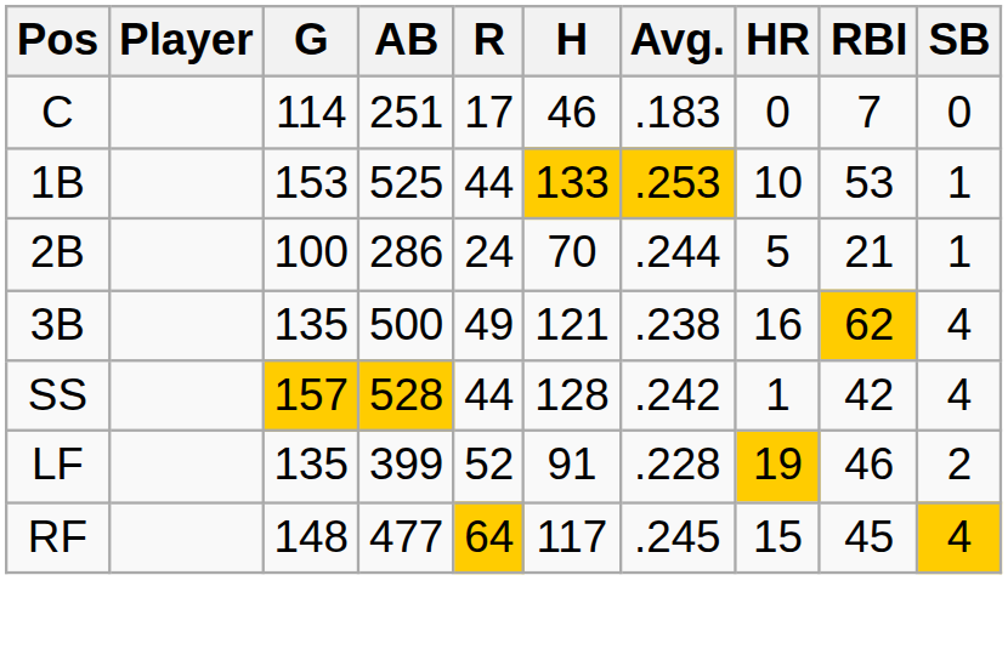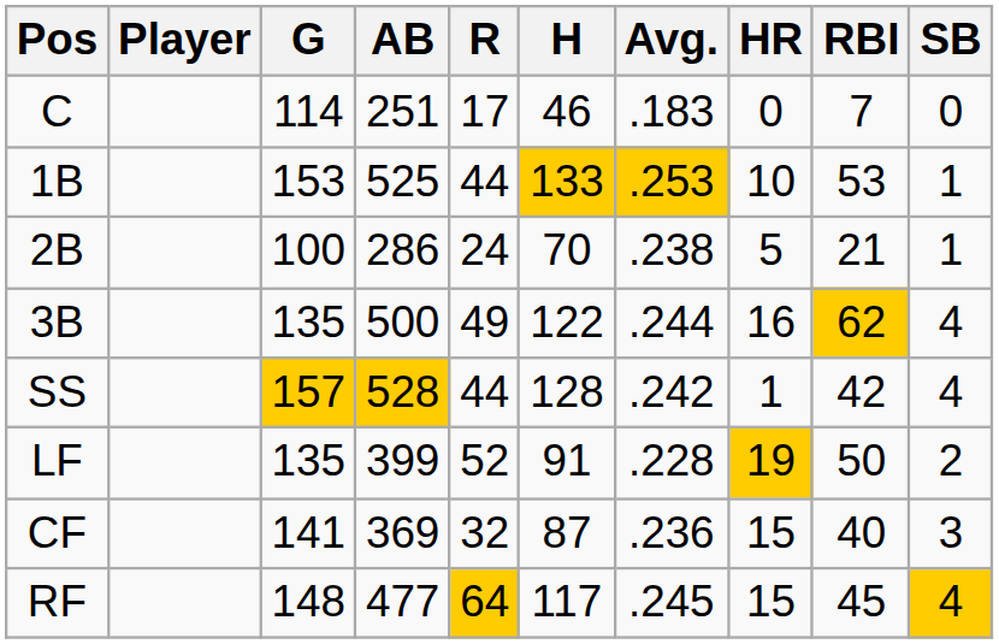 <table class="wikitable sortable">
 <tr>
 <th>Pos</th>
 <th>Player</th>
 <th>G</th>
 <th>AB</th>
 <th>R</th>
 <th>H</th>
 <th>Avg.</th>
 <th>HR</th>
 <th>RBI</th>
 <th>SB</th>
 </tr>
 <tr align="center">
 <td>C</td>
 <td></td>
 <td>114</td>
 <td>251</td>
 <td>17</td>
 <td>46</td>
 <td>.183</td>
 <td>0</td>
 <td>7</td>
 <td>0</td>
 </tr>
 <tr align="center">
 <td>1B</td>
 <td></td>
 <td>153</td>
 <td>525</td>
 <td>44</td>
 <td bgcolor="#FFCC00">133</td>
 <td bgcolor="#FFCC00">.253</td>
 <td>10</td>
 <td>53</td>
 <td>1</td>
 </tr>
 <tr align="center">
 <td>2B</td>
 <td></td>
 <td>100</td>
 <td>286</td>
 <td>24</td>
 <td>70</td>
-<td>.244</td>
+<td>.238</td>
 <td>5</td>
 <td>21</td>
 <td>1</td>
 </tr>
 <tr align="center">
 <td>3B</td>
 <td></td>
 <td>135</td>
 <td>500</td>
 <td>49</td>
-<td>121</td>
-<td>.238</td>
+<td>122</td>
+<td>.244</td>
 <td>16</td>
 <td bgcolor="#FFCC00">62</td>
 <td>4</td>
 </tr>
 <tr align="center">
 <td>SS</td>
 <td></td>
 <td bgcolor="#FFCC00">157</td>
 <td bgcolor="#FFCC00">528</td>
 <td>44</td>
 <td>128</td>
 <td>.242</td>
 <td>1</td>
 <td>42</td>
 <td>4</td>
 </tr>
 <tr align="center">
 <td>LF</td>
 <td></td>
 <td>135</td>
 <td>399</td>
 <td>52</td>
 <td>91</td>
 <td>.228</td>
 <td bgcolor="#FFCC00">19</td>
-<td>46</td>
+<td>50</td>
 <td>2</td>
+</tr>
+<tr align="center">
+<td>CF</td>
+<td></td>
+<td>141</td>
+<td>369</td>
+<td>32</td>
+<td>87</td>
+<td>.236</td>
+<td>15</td>
+<td>40</td>
+<td>3</td>
 </tr>
 <tr align="center">
 <td>RF</td>
 <td></td>
 <td>148</td>
 <td>477</td>
 <td bgcolor="#FFCC00">64</td>
 <td>117</td>
 <td>.245</td>
 <td>15</td>
 <td>45</td>
 <td bgcolor="#FFCC00">4</td>
 </tr>
 </table>
